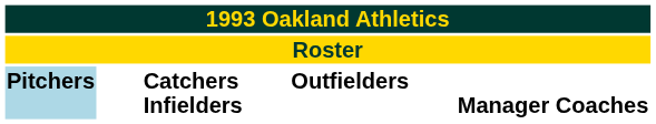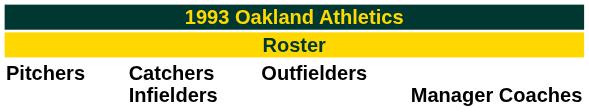 <table class="toccolours" style="font-size: 95%;">
 <tr>
 <th colspan="10" style="background-color: #003831; color: #FFD800; text-align: center;">1993 Oakland Athletics</th>
 </tr>
 <tr>
 <td colspan="10" style="background-color: #FFD800; color: #003831; text-align: center;"><strong>Roster</strong></td>
 </tr>
 <tr>
-<td valign="top" style="background: lightblue;"><strong>Pitchers</strong><br>                    </td>
+<td valign="top"><strong>Pitchers</strong><br>                    </td>
 <td width="25px"></td>
 <td valign="top"><strong>Catchers</strong><br>    <strong>Infielders</strong>         </td>
 <td width="25px"></td>
 <td valign="top"><strong>Outfielders</strong><br>        </td>
 <td width="25px"></td>
 <td valign="top"><br><strong>Manager</strong>  <strong>Coaches</strong>     </td>
 </tr>
 </table>
